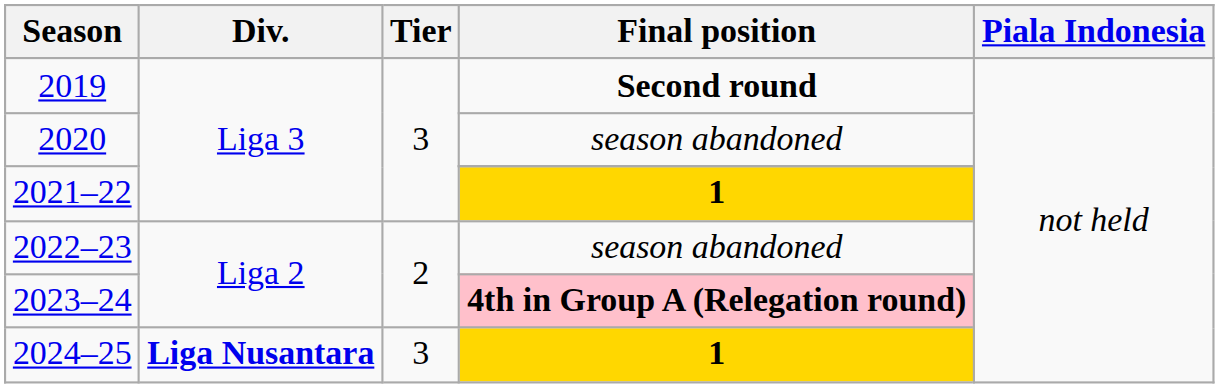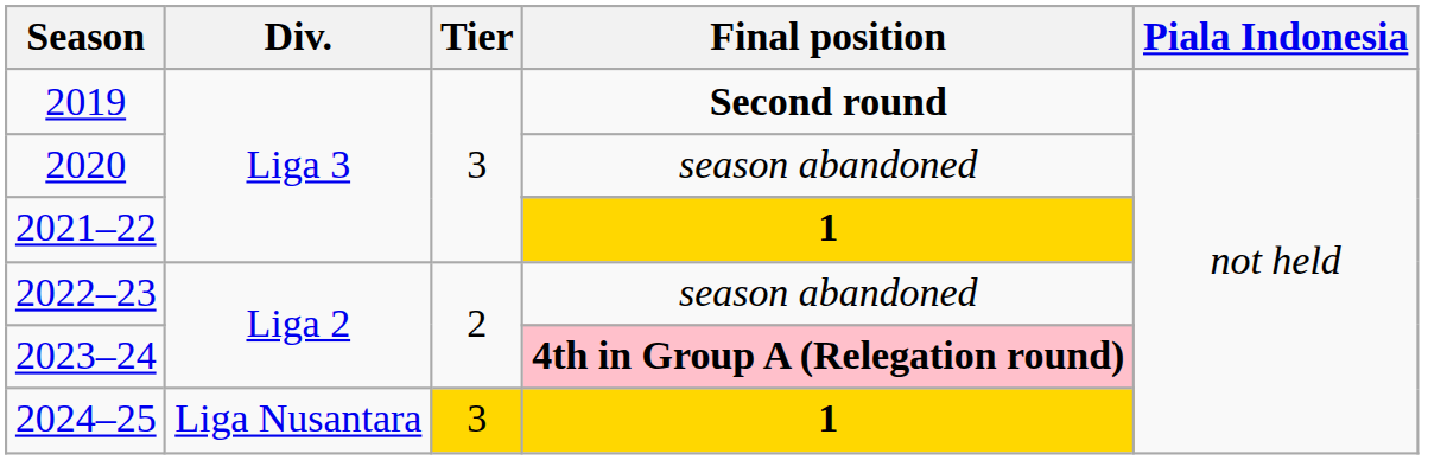 <table class="wikitable" style="text-align:center">
 <tr>
 <th>Season</th>
 <th>Div.</th>
 <th>Tier</th>
 <th>Final position</th>
 <th><a href='#'>Piala Indonesia</a></th>
 </tr>
 <tr>
 <td><a href='#'>2019</a></td>
 <td rowspan="4"><a href='#'>Liga 3</a></td>
 <td rowspan="4">3</td>
 <td><strong>Second round</strong></td>
 <td rowspan="7"><em>not held</em></td>
 </tr>
 <tr>
 <td><a href='#'>2020</a></td>
 <td><em>season abandoned</em></td>
 </tr>
 <tr>
 <td rowspan="2"><a href='#'>2021–22</a></td>
 </tr>
 <tr>
 <td bgcolor=gold><strong>1</strong></td>
 </tr>
 <tr>
 <td><a href='#'>2022–23</a></td>
 <td rowspan="2"><a href='#'>Liga 2</a></td>
 <td rowspan="2">2</td>
 <td><em>season abandoned</em></td>
 </tr>
 <tr>
 <td><a href='#'>2023–24</a></td>
 <td bgcolor=pink><strong>4th in Group A (Relegation round)</strong></td>
 </tr>
 <tr>
 <td><a href='#'>2024–25</a></td>
-<td><strong><a href='#'>Liga Nusantara</a></strong></td>
-<td>3</td>
+<td><a href='#'>Liga Nusantara</a></td>
+<td style="background: gold;">3</td>
 <td bgcolor=gold><strong>1</strong></td>
 </tr>
 </table>
